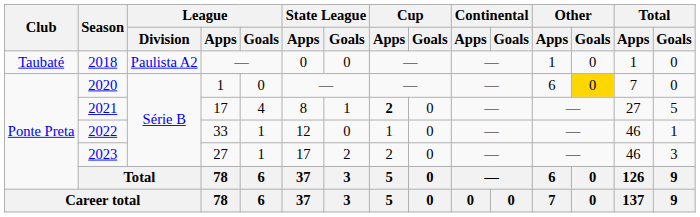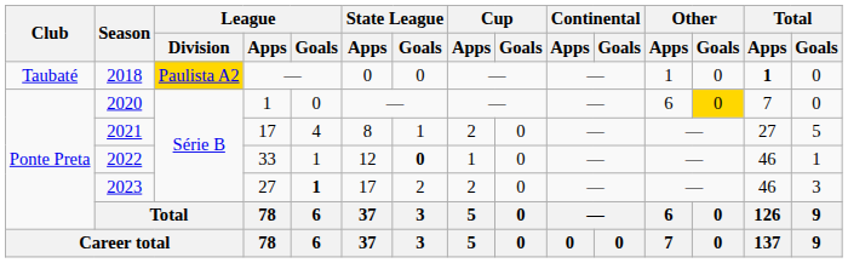 <table class="wikitable" style="text-align: center;">
 <tr>
 <th rowspan="2">Club</th>
 <th rowspan="2">Season</th>
 <th colspan="3">League</th>
 <th colspan="2">State League</th>
 <th colspan="2">Cup</th>
 <th colspan="2">Continental</th>
 <th colspan="2">Other</th>
 <th colspan="2">Total</th>
 </tr>
 <tr>
 <th>Division</th>
 <th>Apps</th>
 <th>Goals</th>
 <th>Apps</th>
 <th>Goals</th>
 <th>Apps</th>
 <th>Goals</th>
 <th>Apps</th>
 <th>Goals</th>
 <th>Apps</th>
 <th>Goals</th>
 <th>Apps</th>
 <th>Goals</th>
 </tr>
 <tr>
 <td valign="center"><a href='#'>Taubaté</a></td>
 <td><a href='#'>2018</a></td>
-<td><a href='#'>Paulista A2</a></td>
+<td style="background: gold;"><a href='#'>Paulista A2</a></td>
 <td colspan="2">—</td>
 <td>0</td>
 <td>0</td>
 <td colspan="2">—</td>
 <td colspan="2">—</td>
 <td>1</td>
 <td>0</td>
-<td>1</td>
+<td><strong>1</strong></td>
 <td>0</td>
 </tr>
 <tr>
 <td rowspan="5" valign="center"><a href='#'>Ponte Preta</a></td>
 <td><a href='#'>2020</a></td>
 <td rowspan="4"><a href='#'>Série B</a></td>
 <td>1</td>
 <td>0</td>
 <td colspan="2">—</td>
 <td colspan="2">—</td>
 <td colspan="2">—</td>
 <td>6</td>
 <td style="background: gold;">0</td>
 <td>7</td>
 <td>0</td>
 </tr>
 <tr>
 <td><a href='#'>2021</a></td>
 <td>17</td>
 <td>4</td>
 <td>8</td>
 <td>1</td>
-<td><strong>2</strong></td>
+<td>2</td>
 <td>0</td>
 <td colspan="2">—</td>
 <td colspan="2">—</td>
 <td>27</td>
 <td>5</td>
 </tr>
 <tr>
 <td><a href='#'>2022</a></td>
 <td>33</td>
 <td>1</td>
 <td>12</td>
-<td>0</td>
+<td><strong>0</strong></td>
 <td>1</td>
 <td>0</td>
 <td colspan="2">—</td>
 <td colspan="2">—</td>
 <td>46</td>
 <td>1</td>
 </tr>
 <tr>
 <td><a href='#'>2023</a></td>
 <td>27</td>
-<td>1</td>
+<td><strong>1</strong></td>
 <td>17</td>
 <td>2</td>
 <td>2</td>
 <td>0</td>
 <td colspan="2">—</td>
 <td colspan="2">—</td>
 <td>46</td>
 <td>3</td>
 </tr>
 <tr>
 <th colspan="2">Total</th>
 <th>78</th>
 <th>6</th>
 <th>37</th>
 <th>3</th>
 <th>5</th>
 <th>0</th>
 <th colspan="2">—</th>
 <th>6</th>
 <th>0</th>
 <th>126</th>
 <th>9</th>
 </tr>
 <tr>
 <th colspan="3"><strong>Career total</strong></th>
 <th>78</th>
 <th>6</th>
 <th>37</th>
 <th>3</th>
 <th>5</th>
 <th>0</th>
 <th>0</th>
 <th>0</th>
 <th>7</th>
 <th>0</th>
 <th>137</th>
 <th>9</th>
 </tr>
 </table>
